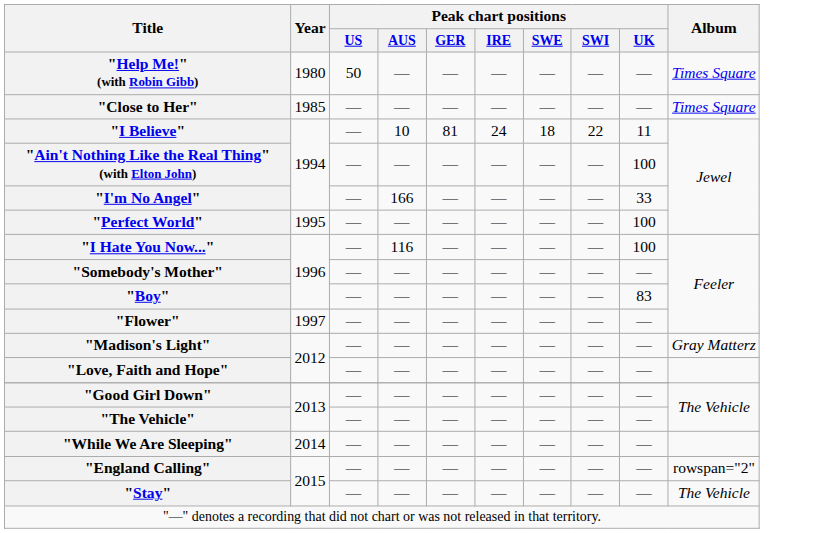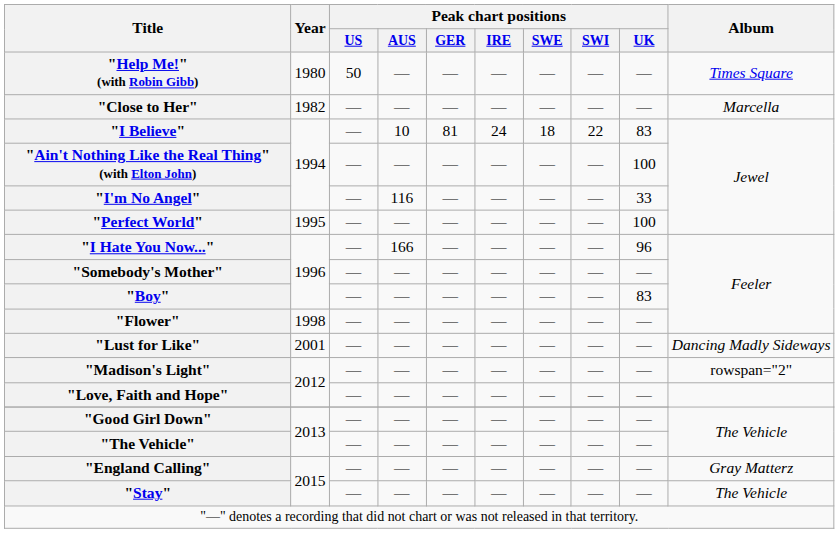 <table class="wikitable plainrowheaders" style="text-align:center;" border="1">
 <tr>
 <th scope="col" rowspan="2" style="width:18em;">Title</th>
 <th scope="col" rowspan="2">Year</th>
 <th scope="col" colspan="7">Peak chart positions</th>
 <th scope="col" rowspan="2">Album</th>
 </tr>
 <tr>
 <th scope="col" style="width:3em;font-size:90%;"><a href='#'>US</a><br></th>
 <th scope="col" style="width:3em;font-size:90%;"><a href='#'>AUS</a><br></th>
 <th scope="col" style="width:3em;font-size:90%;"><a href='#'>GER</a><br></th>
 <th scope="col" style="width:3em;font-size:90%;"><a href='#'>IRE</a><br></th>
 <th scope="col" style="width:3em;font-size:90%;"><a href='#'>SWE</a><br></th>
 <th scope="col" style="width:3em;font-size:90%;"><a href='#'>SWI</a><br></th>
 <th scope="col" style="width:3em;font-size:90%;"><a href='#'>UK</a><br></th>
 </tr>
 <tr>
 <th scope="row">"<a href='#'>Help Me!</a>"<br><small>(with <a href='#'>Robin Gibb</a>)</small></th>
 <td>1980</td>
 <td>50</td>
 <td>—</td>
 <td>—</td>
 <td>—</td>
 <td>—</td>
 <td>—</td>
 <td>—</td>
 <td><em><a href='#'>Times Square</a></em></td>
 </tr>
 <tr>
 <th scope="row">"Close to Her"</th>
-<td>1985</td>
+<td>1982</td>
 <td>—</td>
 <td>—</td>
 <td>—</td>
 <td>—</td>
 <td>—</td>
 <td>—</td>
 <td>—</td>
-<td><em><a href='#'>Times Square</a></em></td>
+<td><em>Marcella</em></td>
 </tr>
 <tr>
 <th scope="row">"<a href='#'>I Believe</a>"</th>
 <td rowspan="3">1994</td>
 <td>—</td>
 <td>10</td>
 <td>81</td>
 <td>24</td>
 <td>18</td>
 <td>22</td>
-<td>11</td>
+<td>83</td>
 <td rowspan="4"><em>Jewel</em></td>
 </tr>
 <tr>
 <th scope="row">"<a href='#'>Ain't Nothing Like the Real Thing</a>"<br><small>(with <a href='#'>Elton John</a>)</small></th>
 <td>—</td>
 <td>—</td>
 <td>—</td>
 <td>—</td>
 <td>—</td>
 <td>—</td>
 <td>100</td>
 </tr>
 <tr>
 <th scope="row">"<a href='#'>I'm No Angel</a>"</th>
 <td>—</td>
-<td>166</td>
+<td>116</td>
 <td>—</td>
 <td>—</td>
 <td>—</td>
 <td>—</td>
 <td>33</td>
 </tr>
 <tr>
 <th scope="row">"<a href='#'>Perfect World</a>"</th>
 <td>1995</td>
 <td>—</td>
 <td>—</td>
 <td>—</td>
 <td>—</td>
 <td>—</td>
 <td>—</td>
 <td>100</td>
 </tr>
 <tr>
 <th scope="row">"<a href='#'>I Hate You Now...</a>"</th>
 <td rowspan="3">1996</td>
 <td>—</td>
-<td>116</td>
+<td>166</td>
 <td>—</td>
 <td>—</td>
 <td>—</td>
 <td>—</td>
-<td>100</td>
+<td>96</td>
 <td rowspan="4"><em>Feeler</em></td>
 </tr>
 <tr>
 <th scope="row">"Somebody's Mother"</th>
 <td>—</td>
 <td>—</td>
 <td>—</td>
 <td>—</td>
 <td>—</td>
 <td>—</td>
 <td>—</td>
 </tr>
 <tr>
 <th scope="row">"<a href='#'>Boy</a>"</th>
 <td>—</td>
 <td>—</td>
 <td>—</td>
 <td>—</td>
 <td>—</td>
 <td>—</td>
 <td>83</td>
 </tr>
 <tr>
 <th scope="row">"Flower"</th>
-<td>1997</td>
+<td>1998</td>
 <td>—</td>
 <td>—</td>
 <td>—</td>
 <td>—</td>
 <td>—</td>
 <td>—</td>
 <td>—</td>
+</tr>
+<tr>
+<th scope="row">"Lust for Like"</th>
+<td>2001</td>
+<td>—</td>
+<td>—</td>
+<td>—</td>
+<td>—</td>
+<td>—</td>
+<td>—</td>
+<td>—</td>
+<td><em>Dancing Madly Sideways</em></td>
 </tr>
 <tr>
 <th scope="row">"Madison's Light"</th>
 <td rowspan="2">2012</td>
 <td>—</td>
 <td>—</td>
 <td>—</td>
 <td>—</td>
 <td>—</td>
 <td>—</td>
 <td>—</td>
-<td><em>Gray Matterz</em></td>
+<td>rowspan="2" </td>
 </tr>
 <tr>
 <th scope="row">"Love, Faith and Hope"</th>
 <td>—</td>
 <td>—</td>
 <td>—</td>
 <td>—</td>
 <td>—</td>
 <td>—</td>
 <td>—</td>
 </tr>
 <tr>
 </tr>
 <tr>
 <th scope="row">"Good Girl Down"</th>
 <td rowspan="2">2013</td>
 <td>—</td>
 <td>—</td>
 <td>—</td>
 <td>—</td>
 <td>—</td>
 <td>—</td>
 <td>—</td>
 <td rowspan="2"><em>The Vehicle</em></td>
 </tr>
 <tr>
 <th scope="row">"The Vehicle"</th>
 <td>—</td>
 <td>—</td>
 <td>—</td>
 <td>—</td>
 <td>—</td>
 <td>—</td>
 <td>—</td>
 </tr>
 <tr>
-<th scope="row">"While We Are Sleeping"</th>
-<td>2014</td>
-<td>—</td>
-<td>—</td>
-<td>—</td>
-<td>—</td>
-<td>—</td>
-<td>—</td>
-<td>—</td>
-<td></td>
-</tr>
-<tr>
 <th scope="row">"England Calling"</th>
 <td rowspan="2">2015</td>
 <td>—</td>
 <td>—</td>
 <td>—</td>
 <td>—</td>
 <td>—</td>
 <td>—</td>
 <td>—</td>
-<td>rowspan="2" </td>
+<td><em>Gray Matterz</em></td>
 </tr>
 <tr>
 <th scope="row">"<a href='#'>Stay</a>"</th>
 <td>—</td>
 <td>—</td>
 <td>—</td>
 <td>—</td>
 <td>—</td>
 <td>—</td>
 <td>—</td>
 <td><em>The Vehicle</em></td>
 </tr>
 <tr>
 <td colspan="10" style="font-size:90%">"—" denotes a recording that did not chart or was not released in that territory.</td>
 </tr>
 </table>
